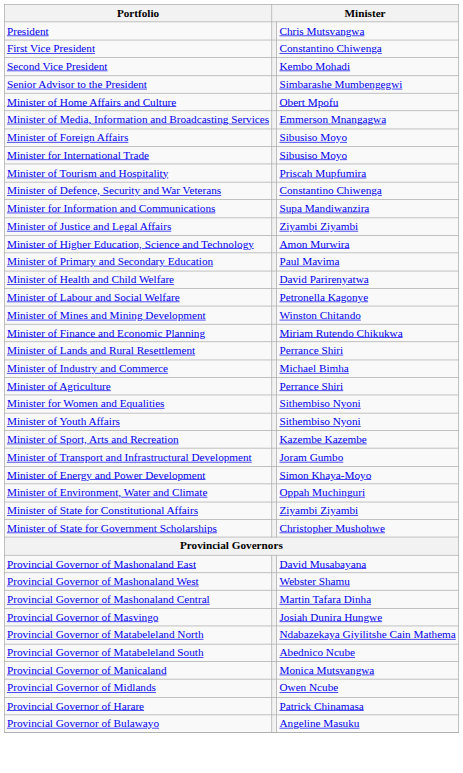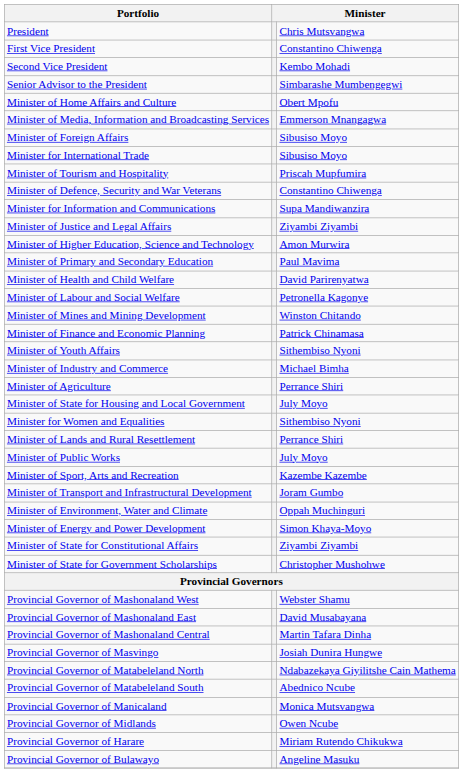 <table class="wikitable">
 <tr>
 <th>Portfolio</th>
 <th colspan=2>Minister</th>
 </tr>
 <tr>
 <td><a href='#'>President</a></td>
 <th style="background-color: "></th>
 <td><a href='#'>Chris Mutsvangwa</a></td>
 </tr>
 <tr>
 <td><a href='#'>First Vice President</a></td>
 <th style="background-color: "></th>
 <td><a href='#'>Constantino Chiwenga</a></td>
 </tr>
 <tr>
 <td><a href='#'>Second Vice President</a></td>
 <th style="background-color: "></th>
 <td><a href='#'>Kembo Mohadi</a></td>
 </tr>
 <tr>
 <td><a href='#'>Senior Advisor to the President</a></td>
 <th style="background-color: "></th>
 <td><a href='#'>Simbarashe Mumbengegwi</a></td>
 </tr>
 <tr>
 <td><a href='#'>Minister of Home Affairs and Culture</a></td>
 <th style="background-color: "></th>
 <td><a href='#'>Obert Mpofu</a></td>
 </tr>
 <tr>
 <td><a href='#'>Minister of Media, Information and Broadcasting Services</a></td>
 <th style="background-color: "></th>
 <td><a href='#'>Emmerson Mnangagwa</a></td>
 </tr>
 <tr>
 <td><a href='#'>Minister of Foreign Affairs</a></td>
 <th style="background-color: "></th>
 <td><a href='#'>Sibusiso Moyo</a></td>
 </tr>
 <tr>
 <td><a href='#'>Minister for International Trade</a></td>
 <th style="background-color: "></th>
 <td><a href='#'>Sibusiso Moyo</a></td>
 </tr>
 <tr>
 <td><a href='#'>Minister of Tourism and Hospitality</a></td>
 <th style="background-color: "></th>
 <td><a href='#'>Priscah Mupfumira</a></td>
 </tr>
 <tr>
 <td><a href='#'>Minister of Defence, Security and War Veterans</a></td>
 <th style="background-color: "></th>
 <td><a href='#'>Constantino Chiwenga</a></td>
 </tr>
 <tr>
 <td><a href='#'>Minister for Information and Communications</a></td>
 <th style="background-color: "></th>
 <td><a href='#'>Supa Mandiwanzira</a></td>
 </tr>
 <tr>
 <td><a href='#'>Minister of Justice and Legal Affairs</a></td>
 <th style="background-color: "></th>
 <td><a href='#'>Ziyambi Ziyambi</a></td>
 </tr>
 <tr>
 <td><a href='#'>Minister of Higher Education, Science and Technology</a></td>
 <th style="background-color: "></th>
 <td><a href='#'>Amon Murwira</a></td>
 </tr>
 <tr>
 <td><a href='#'>Minister of Primary and Secondary Education</a></td>
 <th style="background-color: "></th>
 <td><a href='#'>Paul Mavima</a></td>
 </tr>
 <tr>
 <td><a href='#'>Minister of Health and Child Welfare</a></td>
 <th style="background-color: "></th>
 <td><a href='#'>David Parirenyatwa</a></td>
 </tr>
 <tr>
 <td><a href='#'>Minister of Labour and Social Welfare</a></td>
 <th style="background-color: "></th>
 <td><a href='#'>Petronella Kagonye</a></td>
 </tr>
 <tr>
 <td><a href='#'>Minister of Mines and Mining Development</a></td>
 <th style="background-color: "></th>
 <td><a href='#'>Winston Chitando</a></td>
 </tr>
 <tr>
 <td><a href='#'>Minister of Finance and Economic Planning</a></td>
 <th style="background-color: "></th>
-<td><a href='#'>Miriam Rutendo Chikukwa</a></td>
+<td><a href='#'>Patrick Chinamasa</a></td>
 </tr>
 <tr>
-<td><a href='#'>Minister of Lands and Rural Resettlement</a></td>
+<td><a href='#'>Minister of Youth Affairs</a></td>
 <th style="background-color: "></th>
-<td><a href='#'>Perrance Shiri</a></td>
+<td><a href='#'>Sithembiso Nyoni</a></td>
 </tr>
 <tr>
 <td><a href='#'>Minister of Industry and Commerce</a></td>
 <th style="background-color: "></th>
 <td><a href='#'>Michael Bimha</a></td>
 </tr>
 <tr>
 <td><a href='#'>Minister of Agriculture</a></td>
 <th style="background-color: "></th>
 <td><a href='#'>Perrance Shiri</a></td>
 </tr>
 <tr>
+<td><a href='#'>Minister of State for Housing and Local Government</a></td>
+<th style="background-color: "></th>
+<td><a href='#'>July Moyo</a></td>
+</tr>
+<tr>
 <td><a href='#'>Minister for Women and Equalities</a></td>
 <th style="background-color: "></th>
 <td><a href='#'>Sithembiso Nyoni</a></td>
 </tr>
 <tr>
-<td><a href='#'>Minister of Youth Affairs</a></td>
+<td><a href='#'>Minister of Lands and Rural Resettlement</a></td>
 <th style="background-color: "></th>
-<td><a href='#'>Sithembiso Nyoni</a></td>
+<td><a href='#'>Perrance Shiri</a></td>
+</tr>
+<tr>
+<td><a href='#'>Minister of Public Works</a></td>
+<th style="background-color: "></th>
+<td><a href='#'>July Moyo</a></td>
 </tr>
 <tr>
 <td><a href='#'>Minister of Sport, Arts and Recreation</a></td>
 <th style="background-color: "></th>
 <td><a href='#'>Kazembe Kazembe</a></td>
 </tr>
 <tr>
 <td><a href='#'>Minister of Transport and Infrastructural Development</a></td>
 <th style="background-color: "></th>
 <td><a href='#'>Joram Gumbo</a></td>
 </tr>
 <tr>
+<td><a href='#'>Minister of Environment, Water and Climate</a></td>
+<th style="background-color: "></th>
+<td><a href='#'>Oppah Muchinguri</a></td>
+</tr>
+<tr>
 <td><a href='#'>Minister of Energy and Power Development</a></td>
 <th style="background-color: "></th>
 <td><a href='#'>Simon Khaya-Moyo</a></td>
-</tr>
-<tr>
-<td><a href='#'>Minister of Environment, Water and Climate</a></td>
-<th style="background-color: "></th>
-<td><a href='#'>Oppah Muchinguri</a></td>
 </tr>
 <tr>
 <td><a href='#'>Minister of State for Constitutional Affairs</a></td>
 <th style="background-color: "></th>
 <td><a href='#'>Ziyambi Ziyambi</a></td>
 </tr>
 <tr>
 <td><a href='#'>Minister of State for Government Scholarships</a></td>
 <th style="background-color: "></th>
 <td><a href='#'>Christopher Mushohwe</a></td>
 </tr>
 <tr>
 <th colspan=3>Provincial Governors</th>
 </tr>
 <tr>
+<td><a href='#'>Provincial Governor of Mashonaland West</a></td>
+<th style="background-color: "></th>
+<td><a href='#'>Webster Shamu</a></td>
+</tr>
+<tr>
 <td><a href='#'>Provincial Governor of Mashonaland East</a></td>
 <th style="background-color: "></th>
 <td><a href='#'>David Musabayana</a></td>
-</tr>
-<tr>
-<td><a href='#'>Provincial Governor of Mashonaland West</a></td>
-<th style="background-color: "></th>
-<td><a href='#'>Webster Shamu</a></td>
 </tr>
 <tr>
 <td><a href='#'>Provincial Governor of Mashonaland Central</a></td>
 <th style="background-color: "></th>
 <td><a href='#'>Martin Tafara Dinha</a></td>
 </tr>
 <tr>
 <td><a href='#'>Provincial Governor of Masvingo</a></td>
 <th style="background-color: "></th>
 <td><a href='#'>Josiah Dunira Hungwe</a></td>
 </tr>
 <tr>
 <td><a href='#'>Provincial Governor of Matabeleland North</a></td>
 <th style="background-color: "></th>
 <td><a href='#'>Ndabazekaya Giyilitshe Cain Mathema</a></td>
 </tr>
 <tr>
 <td><a href='#'>Provincial Governor of Matabeleland South</a></td>
 <th style="background-color: "></th>
 <td><a href='#'>Abednico Ncube</a></td>
 </tr>
 <tr>
 <td><a href='#'>Provincial Governor of Manicaland</a></td>
 <th style="background-color: "></th>
 <td><a href='#'>Monica Mutsvangwa</a></td>
 </tr>
 <tr>
 <td><a href='#'>Provincial Governor of Midlands</a></td>
 <th style="background-color: "></th>
 <td><a href='#'>Owen Ncube</a></td>
 </tr>
 <tr>
 <td><a href='#'>Provincial Governor of Harare</a></td>
 <th style="background-color: "></th>
-<td><a href='#'>Patrick Chinamasa</a></td>
+<td><a href='#'>Miriam Rutendo Chikukwa</a></td>
 </tr>
 <tr>
 <td><a href='#'>Provincial Governor of Bulawayo</a></td>
 <th style="background-color: "></th>
 <td><a href='#'>Angeline Masuku</a></td>
 </tr>
 <tr>
 </tr>
 </table>
